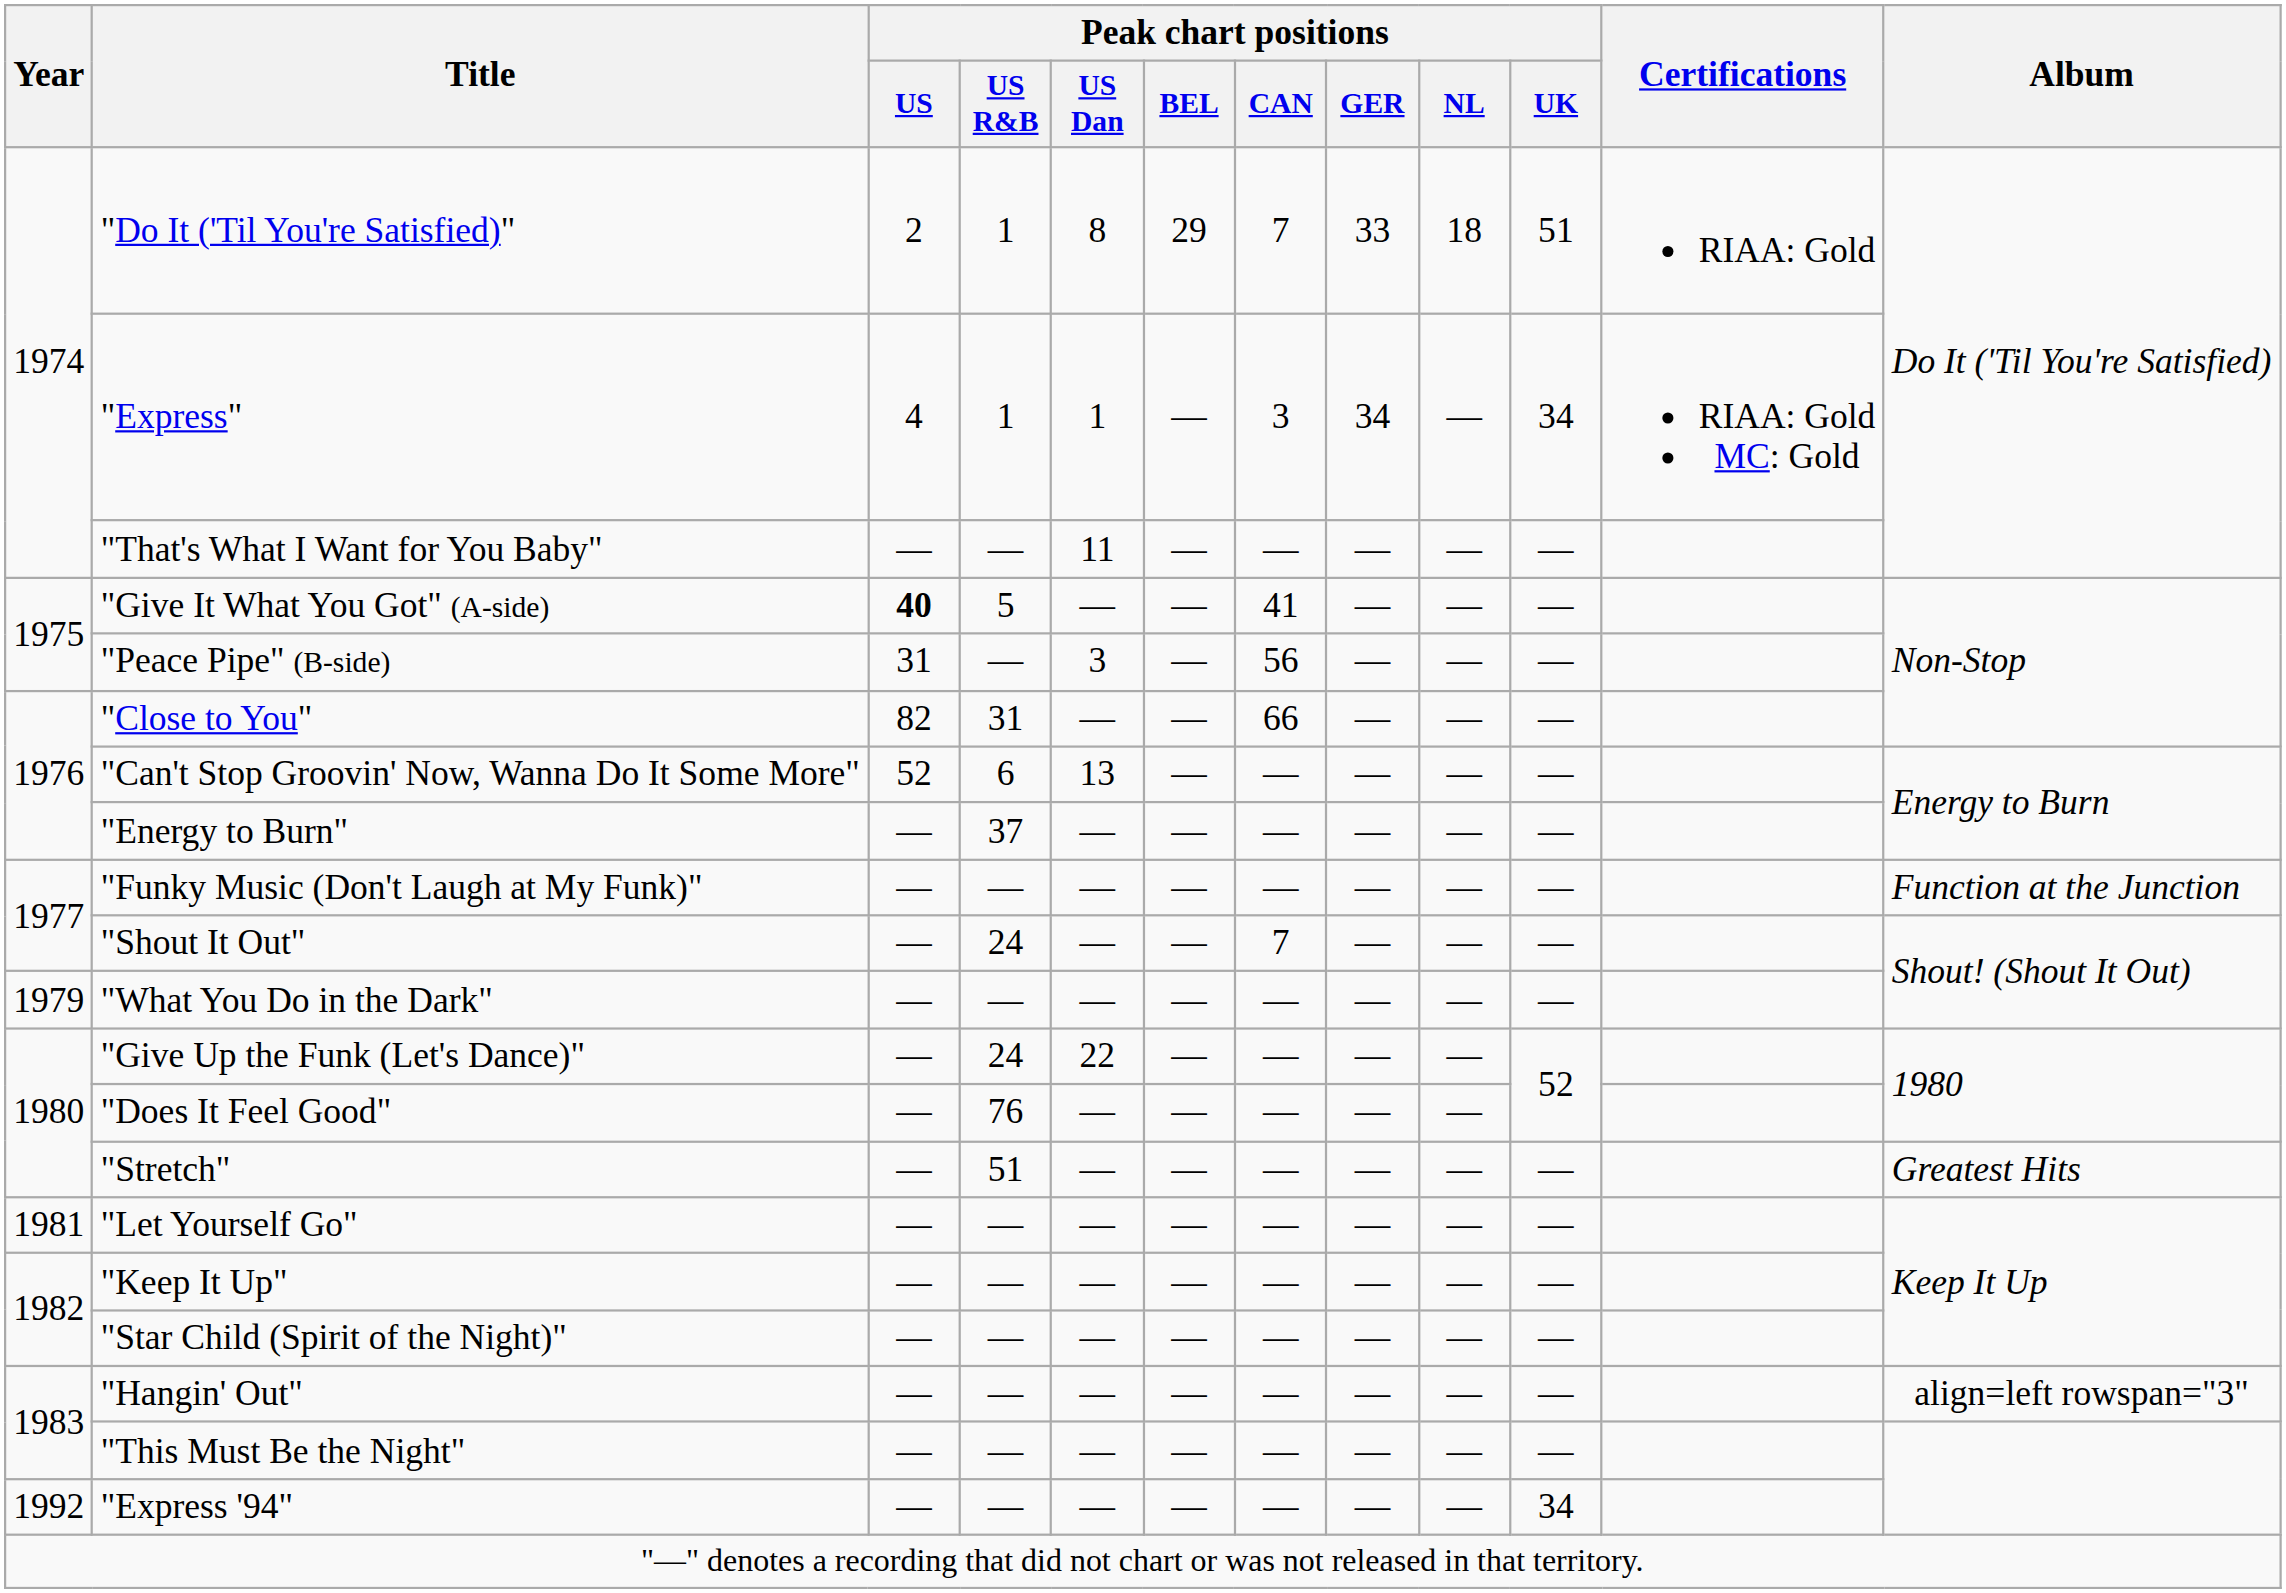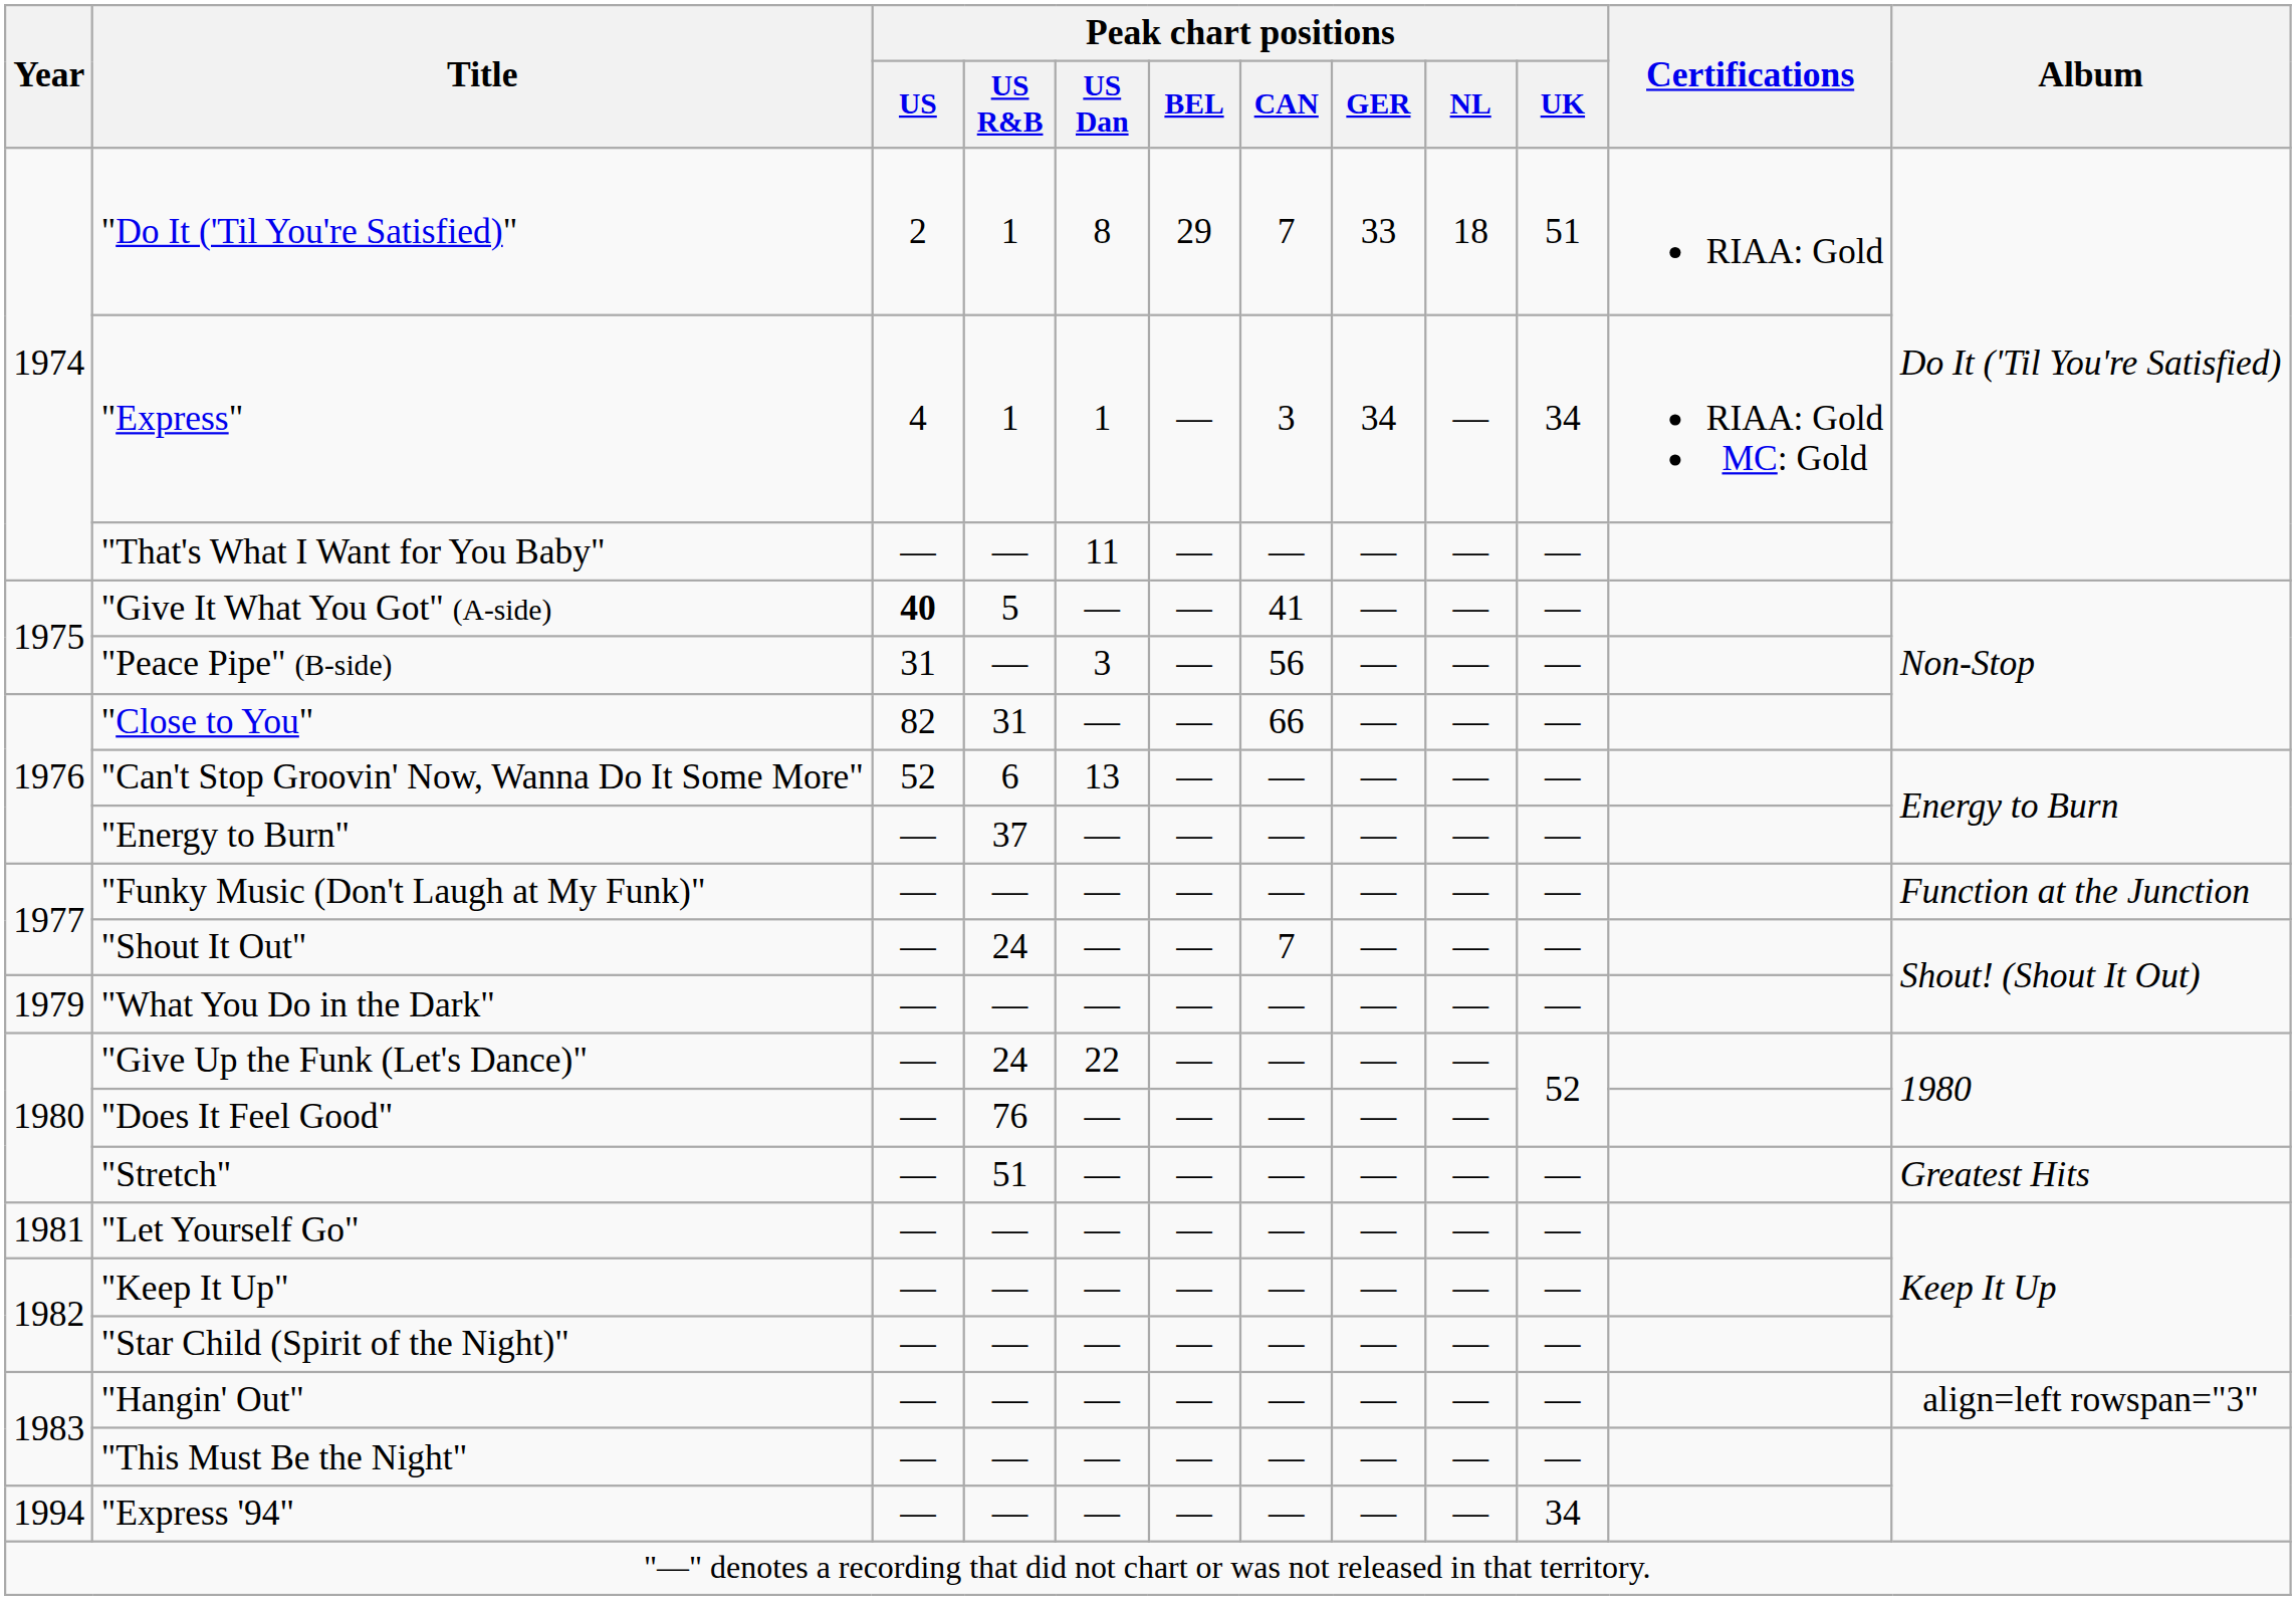 <table class="wikitable" style="text-align:center;">
 <tr>
 <th rowspan="2">Year</th>
 <th rowspan="2">Title</th>
 <th colspan="8">Peak chart positions</th>
 <th rowspan="2"><a href='#'>Certifications</a></th>
 <th rowspan="2">Album</th>
 </tr>
 <tr style="font-size:smaller;">
 <th width="35"><a href='#'>US</a><br></th>
 <th width="35"><a href='#'>US<br>R&B</a><br></th>
 <th width="35"><a href='#'>US<br>Dan</a><br></th>
 <th width="35"><a href='#'>BEL</a><br></th>
 <th width="35"><a href='#'>CAN</a><br></th>
 <th width="35"><a href='#'>GER</a><br></th>
 <th width="35"><a href='#'>NL</a><br></th>
 <th width="35"><a href='#'>UK</a><br></th>
 </tr>
 <tr>
 <td rowspan="3">1974</td>
 <td align="left">"<a href='#'>Do It ('Til You're Satisfied)</a>"</td>
 <td>2</td>
 <td>1</td>
 <td>8</td>
 <td>29</td>
 <td>7</td>
 <td>33</td>
 <td>18</td>
 <td>51</td>
 <td><br><ul><li>RIAA: Gold</li></ul></td>
 <td rowspan="3" align="left"><em>Do It ('Til You're Satisfied)</em></td>
 </tr>
 <tr>
 <td align="left">"<a href='#'>Express</a>"</td>
 <td>4</td>
 <td>1</td>
 <td>1</td>
 <td>—</td>
 <td>3</td>
 <td>34</td>
 <td>—</td>
 <td>34</td>
 <td><br><ul><li>RIAA: Gold</li><li><a href='#'>MC</a>: Gold</li></ul></td>
 </tr>
 <tr>
 <td align="left">"That's What I Want for You Baby"</td>
 <td>—</td>
 <td>—</td>
 <td>11</td>
 <td>—</td>
 <td>—</td>
 <td>—</td>
 <td>—</td>
 <td>—</td>
 <td></td>
 </tr>
 <tr>
 <td rowspan="2">1975</td>
 <td align="left">"Give It What You Got" <small>(A-side)</small></td>
 <td><strong>40</strong></td>
 <td>5</td>
 <td>—</td>
 <td>—</td>
 <td>41</td>
 <td>—</td>
 <td>—</td>
 <td>—</td>
 <td></td>
 <td rowspan="3" align="left"><em>Non-Stop</em></td>
 </tr>
 <tr>
 <td align="left">"Peace Pipe" <small>(B-side)</small></td>
 <td>31</td>
 <td>—</td>
 <td>3</td>
 <td>—</td>
 <td>56</td>
 <td>—</td>
 <td>—</td>
 <td>—</td>
 </tr>
 <tr>
 <td rowspan="3">1976</td>
 <td align="left">"<a href='#'>Close to You</a>"</td>
 <td>82</td>
 <td>31</td>
 <td>—</td>
 <td>—</td>
 <td>66</td>
 <td>—</td>
 <td>—</td>
 <td>—</td>
 <td></td>
 </tr>
 <tr>
 <td align="left">"Can't Stop Groovin' Now, Wanna Do It Some More"</td>
 <td>52</td>
 <td>6</td>
 <td>13</td>
 <td>—</td>
 <td>—</td>
 <td>—</td>
 <td>—</td>
 <td>—</td>
 <td></td>
 <td rowspan="2" align="left"><em>Energy to Burn</em></td>
 </tr>
 <tr>
 <td align="left">"Energy to Burn"</td>
 <td>—</td>
 <td>37</td>
 <td>—</td>
 <td>—</td>
 <td>—</td>
 <td>—</td>
 <td>—</td>
 <td>—</td>
 <td></td>
 </tr>
 <tr>
 <td rowspan="2">1977</td>
 <td align="left">"Funky Music (Don't Laugh at My Funk)"</td>
 <td>—</td>
 <td>—</td>
 <td>—</td>
 <td>—</td>
 <td>—</td>
 <td>—</td>
 <td>—</td>
 <td>—</td>
 <td></td>
 <td rowspan="1" align="left"><em>Function at the Junction</em></td>
 </tr>
 <tr>
 <td align="left">"Shout It Out"</td>
 <td>—</td>
 <td>24</td>
 <td>—</td>
 <td>—</td>
 <td>7</td>
 <td>—</td>
 <td>—</td>
 <td>—</td>
 <td></td>
 <td rowspan="2" align="left"><em>Shout! (Shout It Out)</em></td>
 </tr>
 <tr>
 <td rowspan="1">1979</td>
 <td align="left">"What You Do in the Dark"</td>
 <td>—</td>
 <td>—</td>
 <td>—</td>
 <td>—</td>
 <td>—</td>
 <td>—</td>
 <td>—</td>
 <td>—</td>
 <td></td>
 </tr>
 <tr>
 <td rowspan="3">1980</td>
 <td align="left">"Give Up the Funk (Let's Dance)"</td>
 <td>—</td>
 <td>24</td>
 <td>22</td>
 <td>—</td>
 <td>—</td>
 <td>—</td>
 <td>—</td>
 <td rowspan="2">52</td>
 <td></td>
 <td rowspan="2" align="left"><em>1980</em></td>
 </tr>
 <tr>
 <td align="left">"Does It Feel Good"</td>
 <td>—</td>
 <td>76</td>
 <td>—</td>
 <td>—</td>
 <td>—</td>
 <td>—</td>
 <td>—</td>
 <td></td>
 </tr>
 <tr>
 <td align="left">"Stretch"</td>
 <td>—</td>
 <td>51</td>
 <td>—</td>
 <td>—</td>
 <td>—</td>
 <td>—</td>
 <td>—</td>
 <td>—</td>
 <td></td>
 <td rowspan="1" align="left"><em>Greatest Hits</em></td>
 </tr>
 <tr>
 <td rowspan="1">1981</td>
 <td align="left">"Let Yourself Go"</td>
 <td>—</td>
 <td>—</td>
 <td>—</td>
 <td>—</td>
 <td>—</td>
 <td>—</td>
 <td>—</td>
 <td>—</td>
 <td></td>
 <td rowspan="3" align="left"><em>Keep It Up</em></td>
 </tr>
 <tr>
 <td rowspan="2">1982</td>
 <td align="left">"Keep It Up"</td>
 <td>—</td>
 <td>—</td>
 <td>—</td>
 <td>—</td>
 <td>—</td>
 <td>—</td>
 <td>—</td>
 <td>—</td>
 <td></td>
 </tr>
 <tr>
 <td align="left">"Star Child (Spirit of the Night)"</td>
 <td>—</td>
 <td>—</td>
 <td>—</td>
 <td>—</td>
 <td>—</td>
 <td>—</td>
 <td>—</td>
 <td>—</td>
 <td></td>
 </tr>
 <tr>
 <td rowspan="2">1983</td>
 <td align="left">"Hangin' Out"</td>
 <td>—</td>
 <td>—</td>
 <td>—</td>
 <td>—</td>
 <td>—</td>
 <td>—</td>
 <td>—</td>
 <td>—</td>
 <td></td>
 <td>align=left rowspan="3" </td>
 </tr>
 <tr>
 <td align="left">"This Must Be the Night"</td>
 <td>—</td>
 <td>—</td>
 <td>—</td>
 <td>—</td>
 <td>—</td>
 <td>—</td>
 <td>—</td>
 <td>—</td>
 <td></td>
 </tr>
 <tr>
-<td rowspan="1">1992</td>
+<td rowspan="1">1994</td>
 <td align="left">"Express '94"</td>
 <td>—</td>
 <td>—</td>
 <td>—</td>
 <td>—</td>
 <td>—</td>
 <td>—</td>
 <td>—</td>
 <td>34</td>
 <td></td>
 </tr>
 <tr>
 <td colspan="15" style="font-size:90%">"—" denotes a recording that did not chart or was not released in that territory.</td>
 </tr>
 </table>
